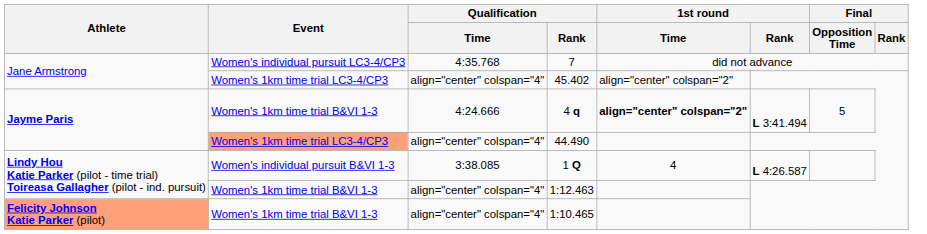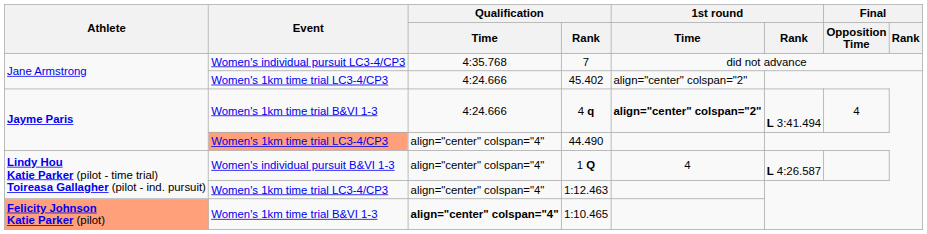 <table class=wikitable style="font-size:90%">
 <tr>
 <th rowspan="2">Athlete</th>
 <th rowspan="2">Event</th>
 <th colspan="2">Qualification</th>
 <th colspan="2">1st round</th>
 <th colspan="2">Final</th>
 </tr>
 <tr>
 <th>Time</th>
 <th>Rank</th>
 <th>Time</th>
 <th>Rank</th>
 <th>Opposition<br>Time</th>
 <th>Rank</th>
 </tr>
 <tr>
 <td rowspan="2"><a href='#'>Jane Armstrong</a></td>
 <td><a href='#'>Women's individual pursuit LC3-4/CP3</a></td>
 <td align="center">4:35.768</td>
 <td align="center">7</td>
 <td align="center" colspan="4">did not advance</td>
 </tr>
 <tr>
 <td><a href='#'>Women's 1km time trial LC3-4/CP3</a></td>
-<td>align="center" colspan="4" </td>
+<td align="center">4:24.666</td>
 <td align="center">45.402</td>
 <td>align="center" colspan="2" </td>
 </tr>
 <tr>
 <td rowspan="2"><strong><a href='#'>Jayme Paris</a></strong></td>
 <td><a href='#'>Women's 1km time trial B&VI 1-3</a></td>
 <td align="center">4:24.666</td>
 <td align="center">4 <strong>q</strong></td>
 <td><strong>align="center" colspan="2" </strong></td>
 <td align="center"><br> <br> <strong>L</strong> 3:41.494</td>
-<td align="center">5</td>
+<td align="center">4</td>
 </tr>
 <tr>
 <td style="background: lightsalmon;"><a href='#'>Women's 1km time trial LC3-4/CP3</a></td>
 <td>align="center" colspan="4" </td>
 <td align="center">44.490</td>
 <td align="center"></td>
 </tr>
 <tr>
 <td rowspan="2"><strong><a href='#'>Lindy Hou</a></strong><br> <strong><a href='#'>Katie Parker</a></strong> (pilot - time trial)<br> <strong><a href='#'>Toireasa Gallagher</a></strong> (pilot - ind. pursuit)</td>
 <td><a href='#'>Women's individual pursuit B&VI 1-3</a></td>
-<td align="center">3:38.085</td>
+<td>align="center" colspan="4" </td>
 <td align="center">1 <strong>Q</strong></td>
 <td align="center">4</td>
 <td align="center"><br> <strong>L</strong> 4:26.587</td>
 <td align="center"></td>
 </tr>
 <tr>
-<td><a href='#'>Women's 1km time trial B&VI 1-3</a></td>
+<td><a href='#'>Women's 1km time trial LC3-4/CP3</a></td>
 <td>align="center" colspan="4" </td>
 <td align="center">1:12.463</td>
 <td align="center"></td>
 </tr>
 <tr>
 <td style="background: lightsalmon;"><strong><a href='#'>Felicity Johnson</a></strong><br> <strong><a href='#'>Katie Parker</a></strong> (pilot)</td>
 <td><a href='#'>Women's 1km time trial B&VI 1-3</a></td>
-<td>align="center" colspan="4" </td>
+<td><strong>align="center" colspan="4" </strong></td>
 <td align="center">1:10.465</td>
 <td align="center"></td>
 </tr>
 </table>
